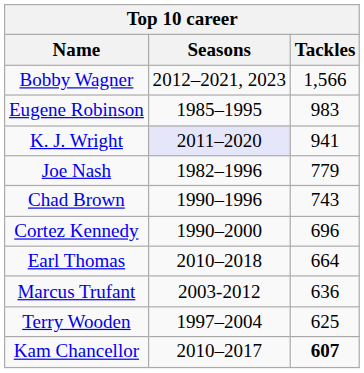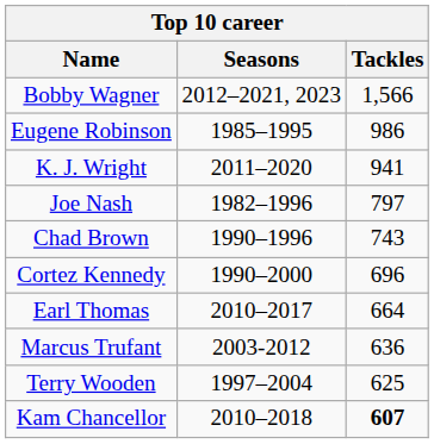 <table class="wikitable" style="text-align:center">
 <tr>
 <th colspan="3"><strong>Top 10 career</strong></th>
 </tr>
 <tr>
 <th><strong>Name</strong></th>
 <th><strong>Seasons</strong></th>
 <th><strong>Tackles</strong></th>
 </tr>
 <tr>
 <td><a href='#'>Bobby Wagner</a></td>
 <td>2012–2021, 2023</td>
 <td>1,566</td>
 </tr>
 <tr>
 <td><a href='#'>Eugene Robinson</a></td>
 <td>1985–1995</td>
-<td>983</td>
+<td>986</td>
 </tr>
 <tr>
 <td><a href='#'>K. J. Wright</a></td>
-<td style="background: lavender;">2011–2020</td>
+<td>2011–2020</td>
 <td>941</td>
 </tr>
 <tr>
 <td><a href='#'>Joe Nash</a></td>
 <td>1982–1996</td>
-<td>779</td>
+<td>797</td>
 </tr>
 <tr>
 <td><a href='#'>Chad Brown</a></td>
 <td>1990–1996</td>
 <td>743</td>
 </tr>
 <tr>
 <td><a href='#'>Cortez Kennedy</a></td>
 <td>1990–2000</td>
 <td>696</td>
 </tr>
 <tr>
 <td><a href='#'>Earl Thomas</a></td>
-<td>2010–2018</td>
+<td>2010–2017</td>
 <td>664</td>
 </tr>
 <tr>
 <td><a href='#'>Marcus Trufant</a></td>
 <td>2003-2012</td>
 <td>636</td>
 </tr>
 <tr>
 <td><a href='#'>Terry Wooden</a></td>
 <td>1997–2004</td>
 <td>625</td>
 </tr>
 <tr>
 <td><a href='#'>Kam Chancellor</a></td>
-<td>2010–2017</td>
+<td>2010–2018</td>
 <td><strong>607</strong></td>
 </tr>
 </table>
